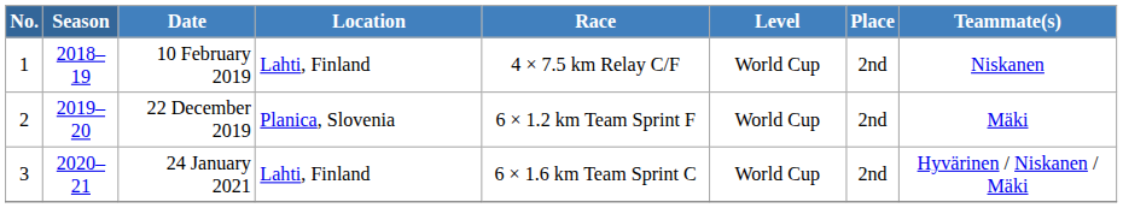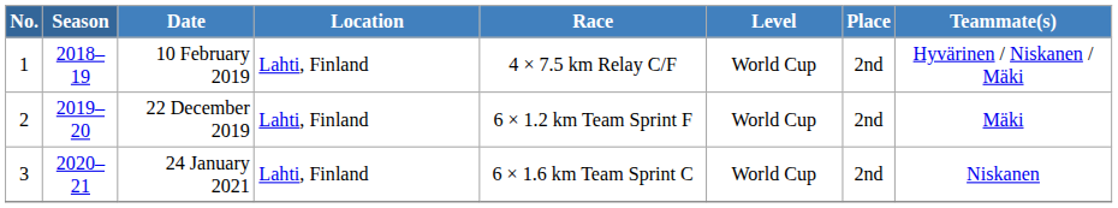 <table class="wikitable sortable" style="font-size:95%; text-align:center; border:grey solid 1px; border-collapse:collapse; background:#ffffff;">
 <tr style="background:#efefef;">
 <th style="background-color:#369; color:white;">No.</th>
 <th style="background-color:#369; color:white;">Season</th>
 <th style="background-color:#4180be; color:white; width:100px;">Date</th>
 <th style="background-color:#4180be; color:white; width:170px;">Location</th>
 <th style="background-color:#4180be; color:white; width:170px;">Race</th>
 <th style="background-color:#4180be; color:white; width:100px;">Level</th>
 <th style="background-color:#4180be; color:white;">Place</th>
 <th style="background-color:#4180be; color:white;">Teammate(s)</th>
 </tr>
 <tr>
 <td align=center>1</td>
 <td align=center><a href='#'>2018–19</a></td>
 <td align=right>10 February 2019</td>
 <td align=left> <a href='#'>Lahti</a>, Finland</td>
 <td>4 × 7.5 km Relay C/F</td>
 <td>World Cup</td>
 <td>2nd</td>
-<td><a href='#'>Niskanen</a></td>
+<td><a href='#'>Hyvärinen</a> / <a href='#'>Niskanen</a> / <a href='#'>Mäki</a></td>
 </tr>
 <tr>
 <td align=center>2</td>
 <td align=center><a href='#'>2019–20</a></td>
 <td align=right>22 December 2019</td>
-<td align=left> <a href='#'>Planica</a>, Slovenia</td>
+<td align=left> <a href='#'>Lahti</a>, Finland</td>
 <td>6 × 1.2 km Team Sprint F</td>
 <td>World Cup</td>
 <td>2nd</td>
 <td><a href='#'>Mäki</a></td>
 </tr>
 <tr>
 <td align=center>3</td>
 <td rowspan=1 align=center><a href='#'>2020–21</a></td>
 <td align=right>24 January 2021</td>
 <td align=left> <a href='#'>Lahti</a>, Finland</td>
 <td>6 × 1.6 km Team Sprint C</td>
 <td>World Cup</td>
 <td>2nd</td>
-<td><a href='#'>Hyvärinen</a> / <a href='#'>Niskanen</a> / <a href='#'>Mäki</a></td>
+<td><a href='#'>Niskanen</a></td>
 </tr>
 <tr>
 </tr>
 </table>
